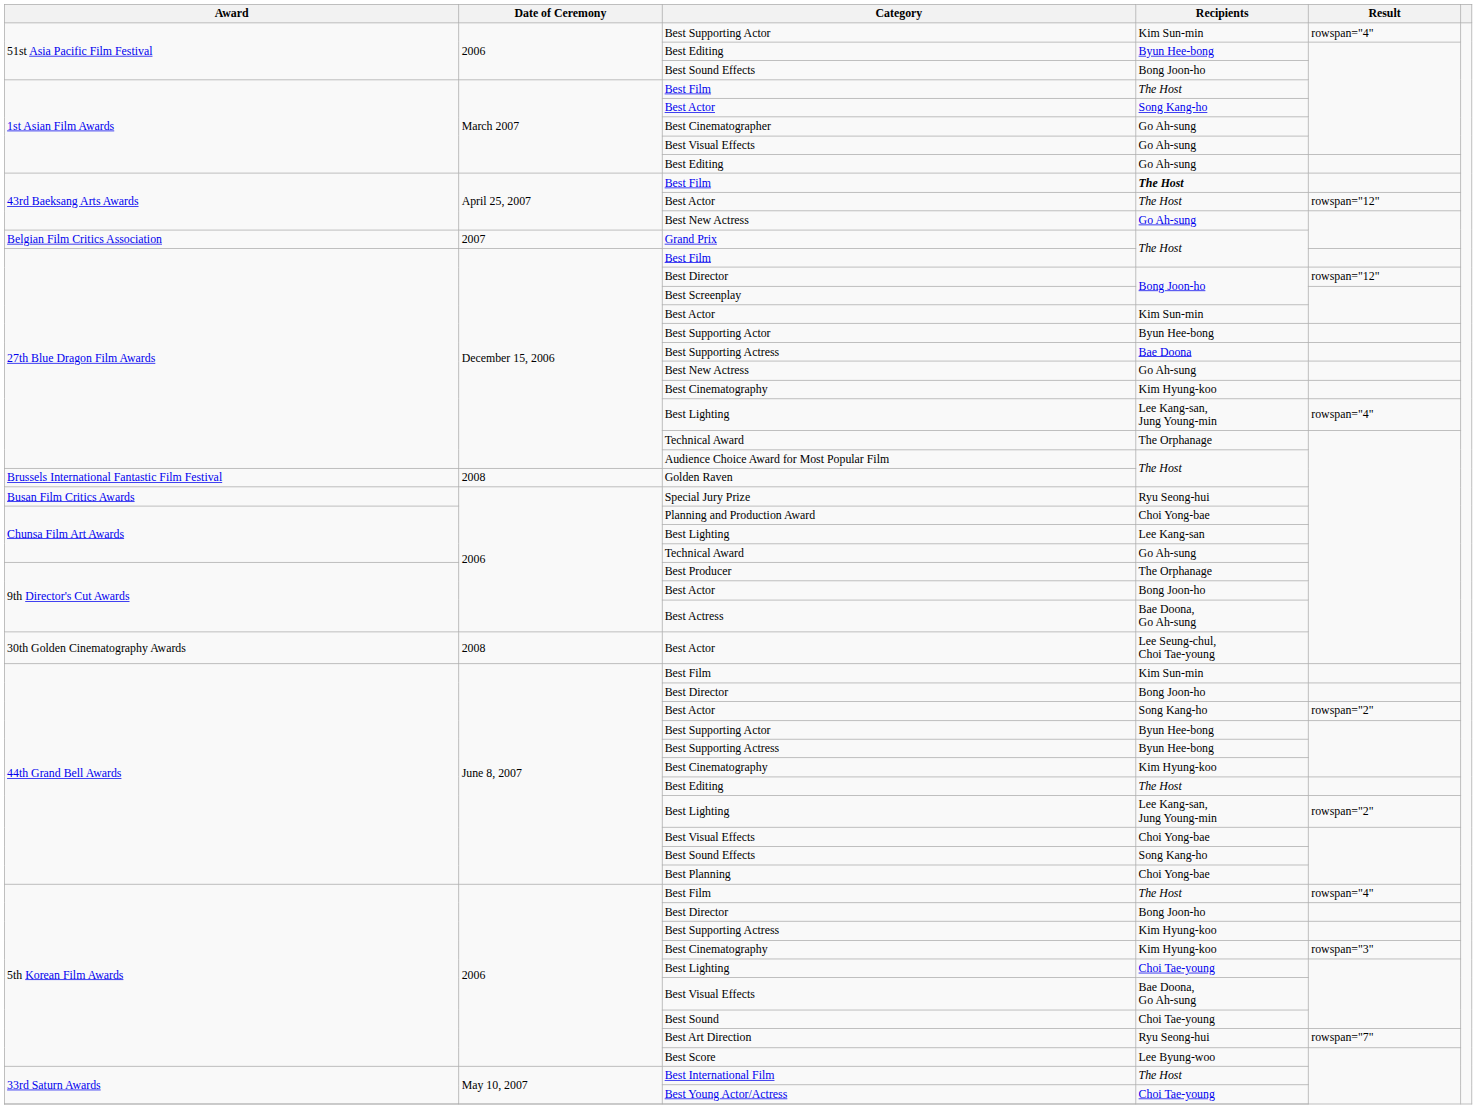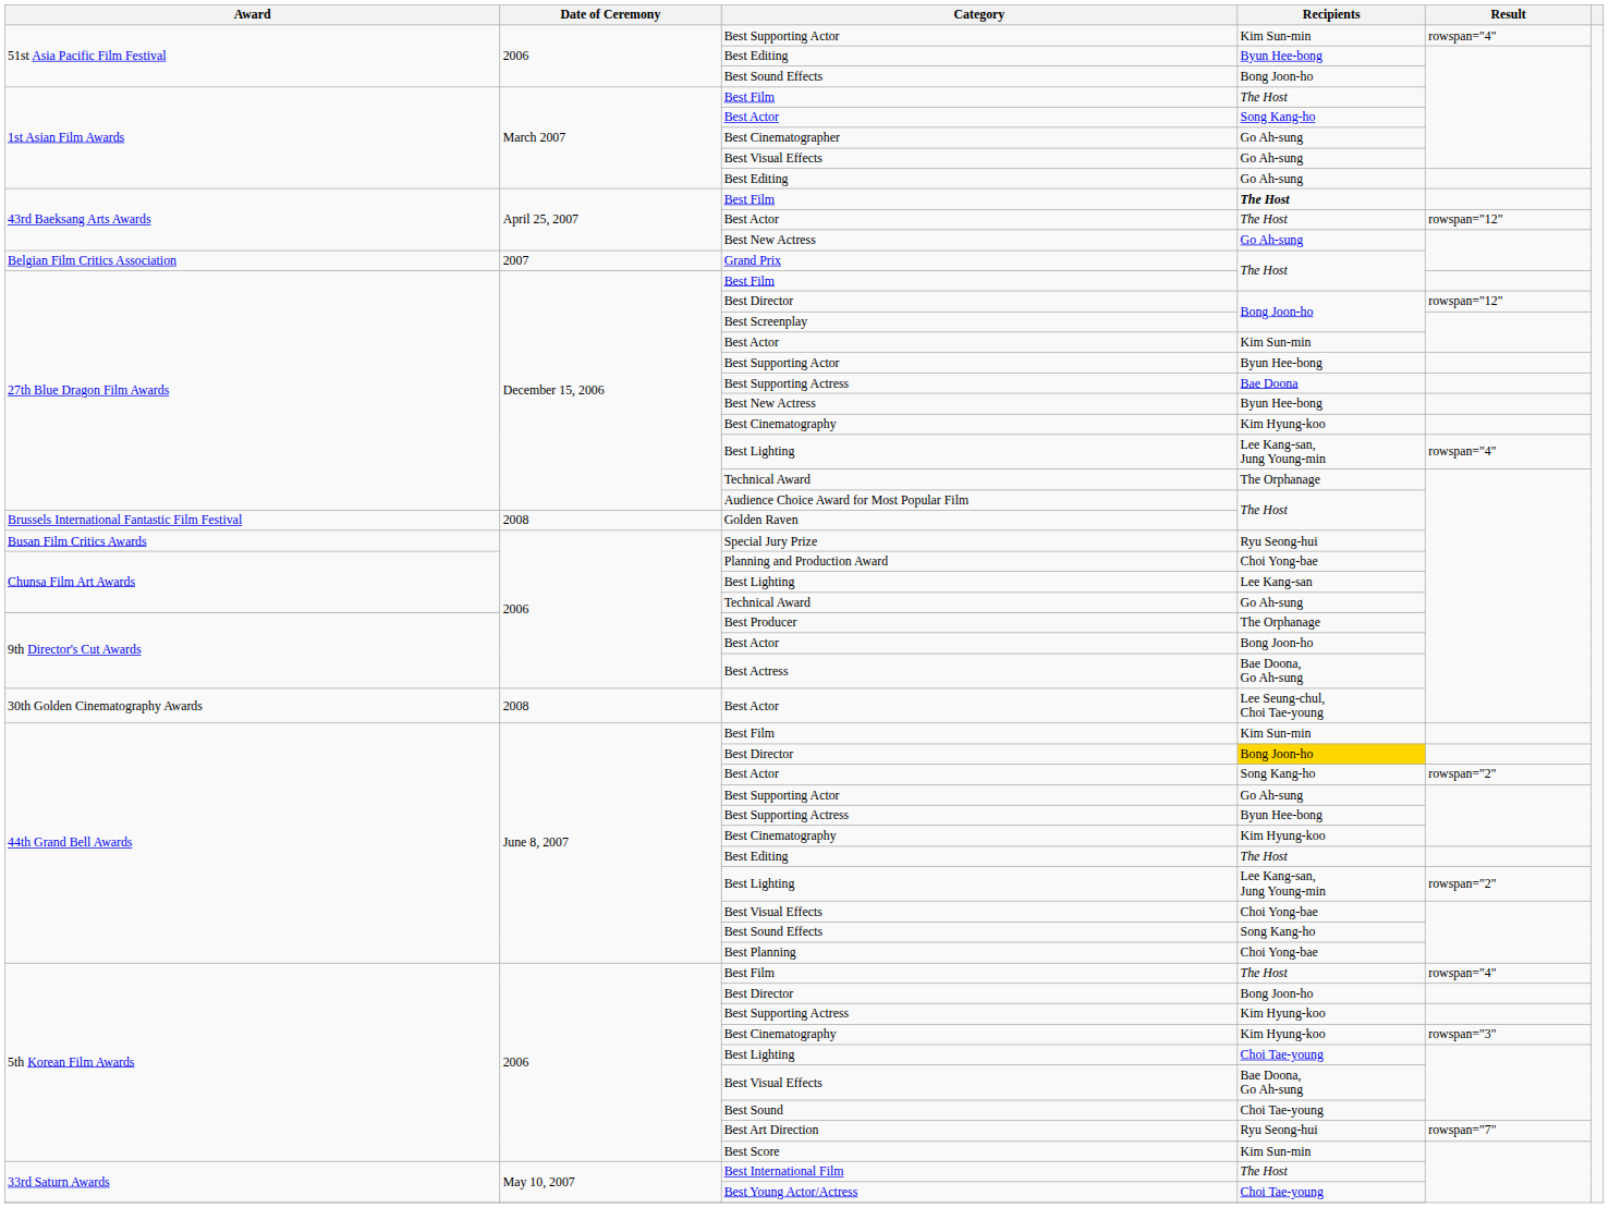 <table class="wikitable sortable" style="width:100%">
 <tr>
 <th scope="col">Award</th>
 <th scope="col">Date of Ceremony</th>
 <th scope="col">Category</th>
 <th scope="col">Recipients</th>
 <th scope="col">Result</th>
 <th class="unsortable" !></th>
 </tr>
 <tr>
 <td rowspan="3" scope="row">51st <a href='#'>Asia Pacific Film Festival</a></td>
 <td rowspan="3">2006</td>
 <td>Best Supporting Actor</td>
 <td>Kim Sun-min</td>
 <td>rowspan="4" </td>
 <td rowspan="60"></td>
 </tr>
 <tr>
 <td>Best Editing</td>
 <td><a href='#'>Byun Hee-bong</a></td>
 </tr>
 <tr>
 <td>Best Sound Effects</td>
 <td>Bong Joon-ho</td>
 </tr>
 <tr>
 <td rowspan="5" scope="row"><a href='#'>1st Asian Film Awards</a></td>
 <td rowspan="5">March 2007</td>
 <td><a href='#'>Best Film</a></td>
 <td><em>The Host</em></td>
 </tr>
 <tr>
 <td><a href='#'>Best Actor</a></td>
 <td><a href='#'>Song Kang-ho</a></td>
 </tr>
 <tr>
 <td>Best Cinematographer</td>
 <td>Go Ah-sung</td>
 </tr>
 <tr>
 <td>Best Visual Effects</td>
 <td>Go Ah-sung</td>
 </tr>
 <tr>
 <td>Best Editing</td>
 <td>Go Ah-sung</td>
 <td></td>
 </tr>
 <tr>
 <td rowspan="3" scope="row"><a href='#'>43rd Baeksang Arts Awards</a></td>
 <td rowspan="3">April 25, 2007</td>
 <td><a href='#'>Best Film</a></td>
 <td><strong><em>The Host</em></strong></td>
 <td></td>
 </tr>
 <tr>
 <td>Best Actor</td>
 <td><em>The Host</em></td>
 <td>rowspan="12" </td>
 </tr>
 <tr>
 <td>Best New Actress</td>
 <td><a href='#'>Go Ah-sung</a></td>
 </tr>
 <tr>
 <td scope="row"><a href='#'>Belgian Film Critics Association</a></td>
 <td>2007</td>
 <td><a href='#'>Grand Prix</a></td>
 <td rowspan="2"><em>The Host</em></td>
 </tr>
 <tr>
 <td rowspan="11" scope="row"><a href='#'>27th Blue Dragon Film Awards</a></td>
 <td rowspan="11">December 15, 2006</td>
 <td><a href='#'>Best Film</a></td>
 <td></td>
 </tr>
 <tr>
 <td>Best Director</td>
 <td rowspan="2"><a href='#'>Bong Joon-ho</a></td>
 <td>rowspan="12" </td>
 </tr>
 <tr>
 <td>Best Screenplay</td>
 </tr>
 <tr>
 <td>Best Actor</td>
 <td>Kim Sun-min</td>
 </tr>
 <tr>
 <td>Best Supporting Actor</td>
 <td>Byun Hee-bong</td>
 <td></td>
 </tr>
 <tr>
 <td>Best Supporting Actress</td>
 <td><a href='#'>Bae Doona</a></td>
 <td></td>
 </tr>
 <tr>
 <td>Best New Actress</td>
-<td>Go Ah-sung</td>
+<td>Byun Hee-bong</td>
 <td></td>
 </tr>
 <tr>
 <td>Best Cinematography</td>
 <td>Kim Hyung-koo</td>
 <td></td>
 </tr>
 <tr>
 <td>Best Lighting</td>
 <td>Lee Kang-san,<br>Jung Young-min</td>
 <td>rowspan="4" </td>
 </tr>
 <tr>
 <td>Technical Award</td>
 <td>The Orphanage</td>
 </tr>
 <tr>
 <td>Audience Choice Award for Most Popular Film</td>
 <td rowspan="2"><em>The Host</em></td>
 </tr>
 <tr>
 <td rowspan="1" scope="row"><a href='#'>Brussels International Fantastic Film Festival</a></td>
 <td>2008</td>
 <td>Golden Raven</td>
 </tr>
 <tr>
 <td rowspan="1" scope="row"><a href='#'>Busan Film Critics Awards</a></td>
 <td rowspan="7">2006</td>
 <td>Special Jury Prize</td>
 <td>Ryu Seong-hui</td>
 </tr>
 <tr>
 <td rowspan="3" scope="row"><a href='#'>Chunsa Film Art Awards</a></td>
 <td>Planning and Production Award</td>
 <td>Choi Yong-bae</td>
 </tr>
 <tr>
 <td>Best Lighting</td>
 <td>Lee Kang-san</td>
 </tr>
 <tr>
 <td>Technical Award</td>
 <td>Go Ah-sung</td>
 </tr>
 <tr>
 <td rowspan="3" scope="row">9th <a href='#'>Director's Cut Awards</a></td>
 <td>Best Producer</td>
 <td>The Orphanage</td>
 </tr>
 <tr>
 <td>Best Actor</td>
 <td>Bong Joon-ho</td>
 </tr>
 <tr>
 <td>Best Actress</td>
 <td>Bae Doona,<br>Go Ah-sung</td>
 </tr>
 <tr>
 <td rowspan="1" scope="row">30th Golden Cinematography Awards</td>
 <td>2008</td>
 <td>Best Actor</td>
 <td>Lee Seung-chul,<br>Choi Tae-young</td>
 </tr>
 <tr>
 <td rowspan="11" scope="row"><a href='#'>44th Grand Bell Awards</a></td>
 <td rowspan="11">June 8, 2007</td>
 <td>Best Film</td>
 <td>Kim Sun-min</td>
 <td></td>
 </tr>
 <tr>
 <td>Best Director</td>
-<td>Bong Joon-ho</td>
+<td style="background: gold;">Bong Joon-ho</td>
 <td></td>
 </tr>
 <tr>
 <td>Best Actor</td>
 <td>Song Kang-ho</td>
 <td>rowspan="2" </td>
 </tr>
 <tr>
 <td>Best Supporting Actor</td>
-<td>Byun Hee-bong</td>
+<td>Go Ah-sung</td>
 </tr>
 <tr>
 <td>Best Supporting Actress</td>
 <td>Byun Hee-bong</td>
 </tr>
 <tr>
 <td>Best Cinematography</td>
 <td>Kim Hyung-koo</td>
 </tr>
 <tr>
 <td>Best Editing</td>
 <td><em>The Host</em></td>
 <td></td>
 </tr>
 <tr>
 <td>Best Lighting</td>
 <td>Lee Kang-san,<br>Jung Young-min</td>
 <td>rowspan="2" </td>
 </tr>
 <tr>
 <td>Best Visual Effects</td>
 <td>Choi Yong-bae</td>
 </tr>
 <tr>
 <td>Best Sound Effects</td>
 <td>Song Kang-ho</td>
 </tr>
 <tr>
 <td>Best Planning</td>
 <td>Choi Yong-bae</td>
 </tr>
 <tr>
 <td rowspan="9" scope="row">5th <a href='#'>Korean Film Awards</a></td>
 <td rowspan="9">2006</td>
 <td>Best Film</td>
 <td><em>The Host</em></td>
 <td>rowspan="4" </td>
 </tr>
 <tr>
 <td>Best Director</td>
 <td>Bong Joon-ho</td>
 </tr>
 <tr>
 <td>Best Supporting Actress</td>
 <td>Kim Hyung-koo</td>
 <td></td>
 </tr>
 <tr>
 <td>Best Cinematography</td>
 <td>Kim Hyung-koo</td>
 <td>rowspan="3" </td>
 </tr>
 <tr>
 <td>Best Lighting</td>
 <td><a href='#'>Choi Tae-young</a></td>
 </tr>
 <tr>
 <td>Best Visual Effects</td>
 <td>Bae Doona,<br>Go Ah-sung</td>
 </tr>
 <tr>
 <td>Best Sound</td>
 <td>Choi Tae-young</td>
 </tr>
 <tr>
 <td>Best Art Direction</td>
 <td>Ryu Seong-hui</td>
 <td>rowspan="7" </td>
 </tr>
 <tr>
 <td>Best Score</td>
-<td>Lee Byung-woo</td>
+<td>Kim Sun-min</td>
 </tr>
 <tr>
 <td rowspan="2" scope="row"><a href='#'>33rd Saturn Awards</a></td>
 <td rowspan="2">May 10, 2007</td>
 <td><a href='#'>Best International Film</a></td>
 <td><em>The Host</em></td>
 </tr>
 <tr>
 <td><a href='#'>Best Young Actor/Actress</a></td>
 <td><a href='#'>Choi Tae-young</a></td>
 </tr>
 <tr>
 </tr>
 </table>
